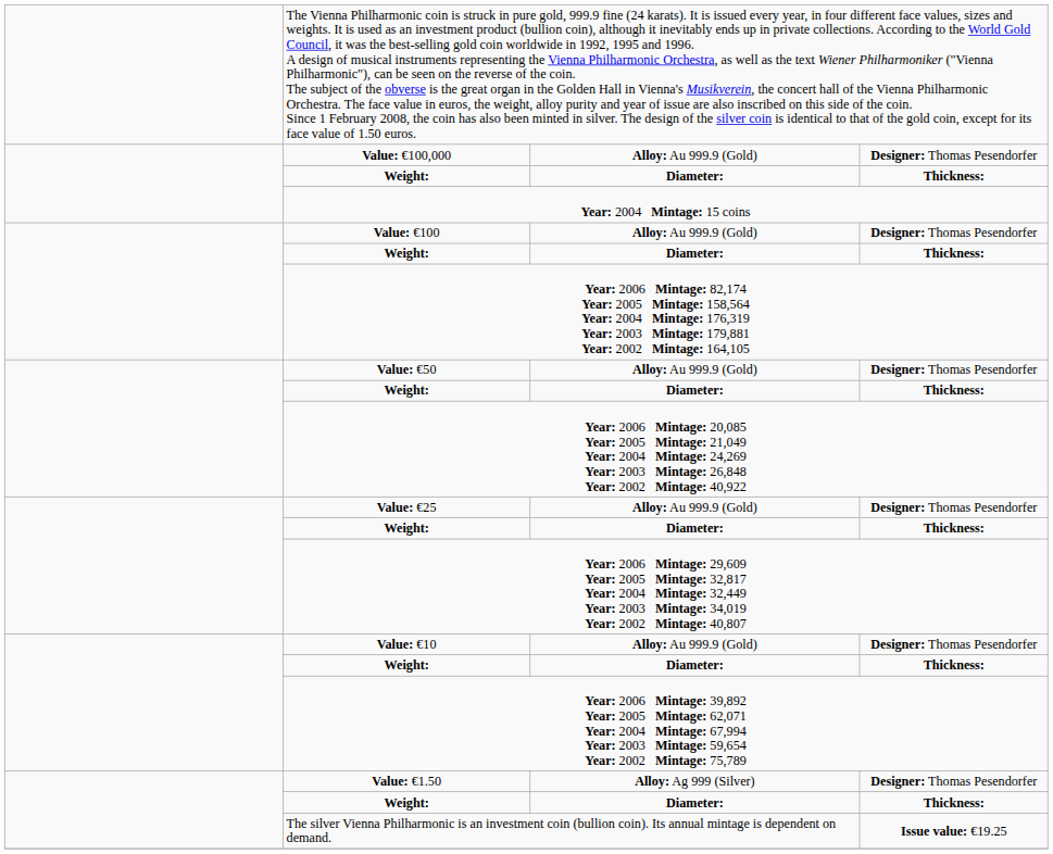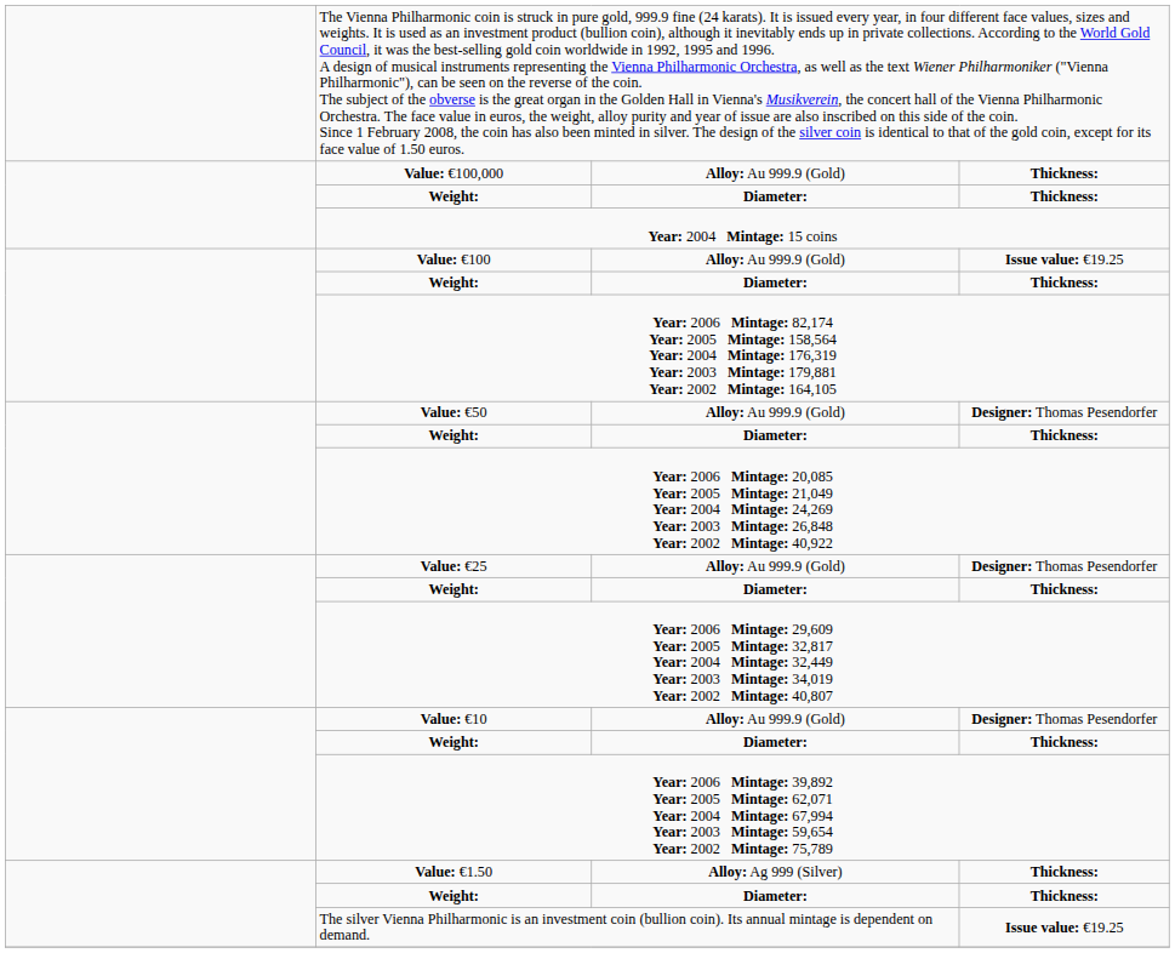 <table class="wikitable" width="100%">
 <tr>
 <td align=center width="330px" nowrap> </td>
 <td colspan=3 align=left>The Vienna Philharmonic coin is struck in pure gold, 999.9 fine (24 karats). It is issued every year, in four different face values, sizes and weights. It is used as an investment product (bullion coin), although it inevitably ends up in private collections. According to the <a href='#'>World Gold Council</a>, it was the best-selling gold coin worldwide in 1992, 1995 and 1996.<br>A design of musical instruments representing the <a href='#'>Vienna Philharmonic Orchestra</a>, as well as the text <em>Wiener Philharmoniker</em> ("Vienna Philharmonic"), can be seen on the reverse of the coin.<br>The subject of the <a href='#'>obverse</a> is the great organ in the Golden Hall in Vienna's <em><a href='#'>Musikverein</a></em>, the concert hall of the Vienna Philharmonic Orchestra. The face value in euros, the weight, alloy purity and year of issue are also inscribed on this side of the coin.<br>Since 1 February 2008, the coin has also been minted in silver. The design of the <a href='#'>silver coin</a> is identical to that of the gold coin, except for its face value of 1.50 euros.</td>
 </tr>
 <tr>
 <td rowspan=3 align=center></td>
 <td align=center><strong>Value:</strong> €100,000</td>
 <td align=center><strong>Alloy:</strong> Au 999.9 (Gold)</td>
-<td align=center><strong>Designer:</strong> Thomas Pesendorfer</td>
+<td align=center><strong>Thickness:</strong> </td>
 </tr>
 <tr>
 <td align=center><strong>Weight:</strong> </td>
 <td align=center><strong>Diameter:</strong> </td>
 <td align=center><strong>Thickness:</strong> </td>
 </tr>
 <tr>
 <td colspan=3 align=center><br><strong>Year:</strong> 2004   <strong>Mintage:</strong> 15 coins</td>
 </tr>
 <tr>
 <td rowspan=3 align=center></td>
 <td align=center><strong>Value:</strong> €100</td>
 <td align=center><strong>Alloy:</strong> Au 999.9 (Gold)</td>
-<td align=center><strong>Designer:</strong> Thomas Pesendorfer</td>
+<td align=center><strong>Issue value:</strong> €19.25</td>
 </tr>
 <tr>
 <td align=center><strong>Weight:</strong> </td>
 <td align=center><strong>Diameter:</strong> </td>
 <td align=center><strong>Thickness:</strong> </td>
 </tr>
 <tr>
 <td colspan=3 align=center><br><strong>Year:</strong> 2006   <strong>Mintage:</strong> 82,174<br> <strong>Year:</strong> 2005   <strong>Mintage:</strong> 158,564<br> <strong>Year:</strong> 2004   <strong>Mintage:</strong> 176,319<br> <strong>Year:</strong> 2003   <strong>Mintage:</strong> 179,881<br> <strong>Year:</strong> 2002   <strong>Mintage:</strong> 164,105</td>
 </tr>
 <tr>
 <td rowspan=3 align=center></td>
 <td align=center><strong>Value:</strong> €50</td>
 <td align=center><strong>Alloy:</strong> Au 999.9 (Gold)</td>
 <td align=center><strong>Designer:</strong> Thomas Pesendorfer</td>
 </tr>
 <tr>
 <td align=center><strong>Weight:</strong> </td>
 <td align=center><strong>Diameter:</strong> </td>
 <td align=center><strong>Thickness:</strong> </td>
 </tr>
 <tr>
 <td colspan=3 align=center><br><strong>Year:</strong> 2006   <strong>Mintage:</strong> 20,085<br> <strong>Year:</strong> 2005   <strong>Mintage:</strong> 21,049<br> <strong>Year:</strong> 2004   <strong>Mintage:</strong> 24,269<br> <strong>Year:</strong> 2003   <strong>Mintage:</strong> 26,848<br> <strong>Year:</strong> 2002   <strong>Mintage:</strong> 40,922</td>
 </tr>
 <tr>
 <td rowspan=3 align=center></td>
 <td align=center><strong>Value:</strong> €25</td>
 <td align=center><strong>Alloy:</strong> Au 999.9 (Gold)</td>
 <td align=center><strong>Designer:</strong> Thomas Pesendorfer</td>
 </tr>
 <tr>
 <td align=center><strong>Weight:</strong> </td>
 <td align=center><strong>Diameter:</strong> </td>
 <td align=center><strong>Thickness:</strong> </td>
 </tr>
 <tr>
 <td colspan=3 align=center><br><strong>Year:</strong> 2006   <strong>Mintage:</strong> 29,609<br> <strong>Year:</strong> 2005   <strong>Mintage:</strong> 32,817<br> <strong>Year:</strong> 2004   <strong>Mintage:</strong> 32,449<br> <strong>Year:</strong> 2003   <strong>Mintage:</strong> 34,019<br> <strong>Year:</strong> 2002   <strong>Mintage:</strong> 40,807</td>
 </tr>
 <tr>
 <td rowspan=3 align=center></td>
 <td align=center><strong>Value:</strong> €10</td>
 <td align=center><strong>Alloy:</strong> Au 999.9 (Gold)</td>
 <td align=center><strong>Designer:</strong> Thomas Pesendorfer</td>
 </tr>
 <tr>
 <td align=center><strong>Weight:</strong> </td>
 <td align=center><strong>Diameter:</strong> </td>
 <td align=center><strong>Thickness:</strong> </td>
 </tr>
 <tr>
 <td colspan=3 align=center><br><strong>Year:</strong> 2006   <strong>Mintage:</strong> 39,892<br> <strong>Year:</strong> 2005   <strong>Mintage:</strong> 62,071<br> <strong>Year:</strong> 2004   <strong>Mintage:</strong> 67,994<br> <strong>Year:</strong> 2003   <strong>Mintage:</strong> 59,654<br> <strong>Year:</strong> 2002   <strong>Mintage:</strong> 75,789</td>
 </tr>
 <tr>
 <td rowspan=3 align=center></td>
 <td align=center><strong>Value:</strong> €1.50</td>
 <td align=center><strong>Alloy:</strong> Ag 999 (Silver)</td>
-<td align=center><strong>Designer:</strong> Thomas Pesendorfer</td>
+<td align=center><strong>Thickness:</strong> </td>
 </tr>
 <tr>
 <td align=center><strong>Weight:</strong> </td>
 <td align=center><strong>Diameter:</strong> </td>
 <td align=center><strong>Thickness:</strong> </td>
 </tr>
 <tr>
 <td colspan=2>The silver Vienna Philharmonic is an investment coin (bullion coin). Its annual mintage is dependent on demand.</td>
 <td align=center><strong>Issue value:</strong> €19.25</td>
 </tr>
 <tr>
 </tr>
 </table>
